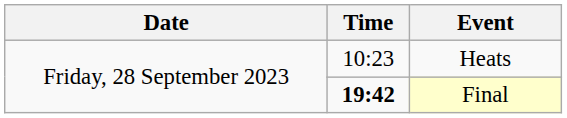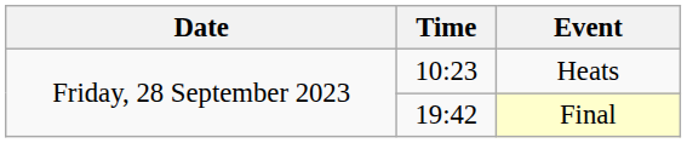 <table class = "wikitable" style="text-align:center;">
 <tr>
 <th width=220>Date</th>
 <th width=50>Time</th>
 <th width=100>Event</th>
 </tr>
 <tr>
 <td rowspan=2>Friday, 28 September 2023</td>
 <td>10:23</td>
 <td>Heats</td>
 </tr>
 <tr>
-<td><strong>19:42</strong></td>
+<td>19:42</td>
 <td bgcolor=ffffcc>Final</td>
 </tr>
 </table>
